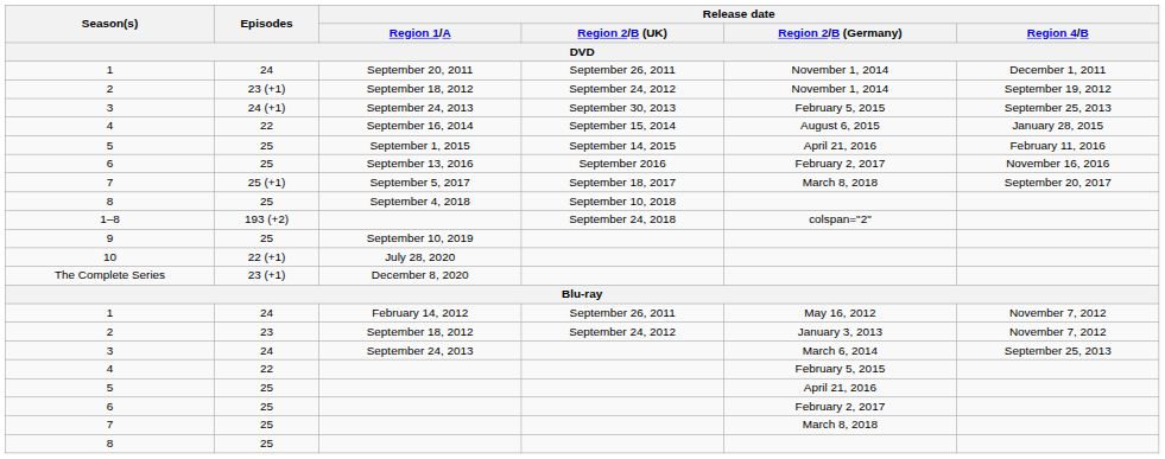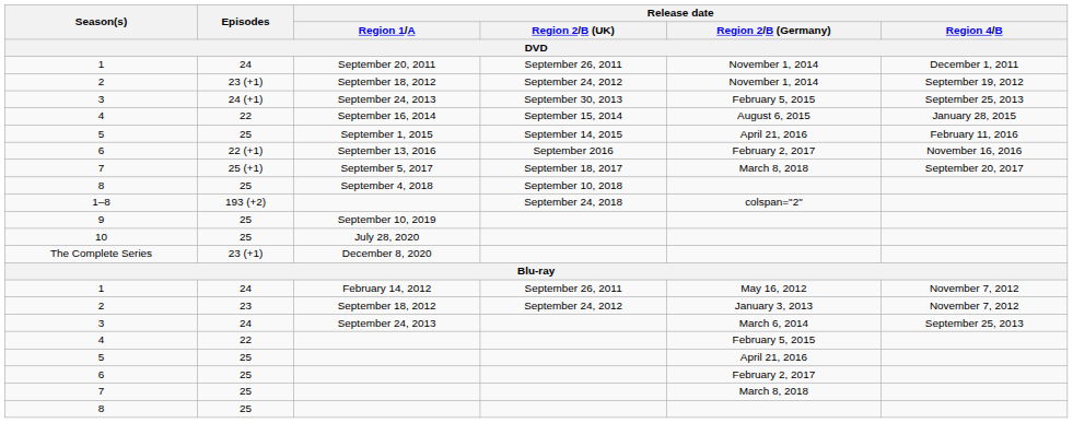 <table class="wikitable"  style="width:99%; text-align:center;">
 <tr>
 <th rowspan="2">Season(s)</th>
 <th rowspan="2">Episodes</th>
 <th colspan="4">Release date</th>
 </tr>
 <tr>
 <th><a href='#'>Region 1</a>/<a href='#'>A</a></th>
 <th><a href='#'>Region 2</a>/<a href='#'>B</a> (UK)</th>
 <th><a href='#'>Region 2</a>/<a href='#'>B</a> (Germany)</th>
 <th><a href='#'>Region 4</a>/<a href='#'>B</a></th>
 </tr>
 <tr>
 <th colspan="7">DVD</th>
 </tr>
 <tr>
 <td>1</td>
 <td>24</td>
 <td>September 20, 2011</td>
 <td>September 26, 2011</td>
 <td>November 1, 2014</td>
 <td>December 1, 2011</td>
 </tr>
 <tr>
 <td>2</td>
 <td>23 (+1)</td>
 <td>September 18, 2012</td>
 <td>September 24, 2012</td>
 <td>November 1, 2014</td>
 <td>September 19, 2012</td>
 </tr>
 <tr>
 <td>3</td>
 <td>24 (+1)</td>
 <td>September 24, 2013</td>
 <td>September 30, 2013</td>
 <td>February 5, 2015</td>
 <td>September 25, 2013</td>
 </tr>
 <tr>
 <td>4</td>
 <td>22</td>
 <td>September 16, 2014</td>
 <td>September 15, 2014</td>
 <td>August 6, 2015</td>
 <td>January 28, 2015</td>
 </tr>
 <tr>
 <td>5</td>
 <td>25</td>
 <td>September 1, 2015</td>
 <td>September 14, 2015</td>
 <td>April 21, 2016</td>
 <td>February 11, 2016</td>
 </tr>
 <tr>
 <td>6</td>
-<td>25</td>
+<td>22 (+1)</td>
 <td>September 13, 2016</td>
 <td>September 2016</td>
 <td>February 2, 2017</td>
 <td>November 16, 2016</td>
 </tr>
 <tr>
 <td>7</td>
 <td>25 (+1)</td>
 <td>September 5, 2017</td>
 <td>September 18, 2017</td>
 <td>March 8, 2018</td>
 <td>September 20, 2017</td>
 </tr>
 <tr>
 <td>8</td>
 <td>25</td>
 <td>September 4, 2018</td>
 <td>September 10, 2018</td>
 <td></td>
 <td></td>
 </tr>
 <tr>
 <td>1–8</td>
 <td>193 (+2)</td>
 <td></td>
 <td>September 24, 2018</td>
 <td>colspan="2" </td>
 </tr>
 <tr>
 <td>9</td>
 <td>25</td>
 <td>September 10, 2019</td>
 <td></td>
 <td></td>
 <td></td>
 </tr>
 <tr>
 <td>10</td>
-<td>22 (+1)</td>
+<td>25</td>
 <td>July 28, 2020</td>
 <td></td>
 <td></td>
 <td></td>
 </tr>
 <tr>
 <td>The Complete Series</td>
 <td>23 (+1)</td>
 <td>December 8, 2020</td>
 <td></td>
 <td></td>
 <td></td>
 </tr>
 <tr>
 <th colspan="7">Blu-ray</th>
 </tr>
 <tr>
 <td>1</td>
 <td>24</td>
 <td>February 14, 2012</td>
 <td>September 26, 2011</td>
 <td>May 16, 2012</td>
 <td>November 7, 2012</td>
 </tr>
 <tr>
 <td>2</td>
 <td>23</td>
 <td>September 18, 2012</td>
 <td>September 24, 2012</td>
 <td>January 3, 2013</td>
 <td>November 7, 2012</td>
 </tr>
 <tr>
 <td>3</td>
 <td>24</td>
 <td>September 24, 2013</td>
 <td></td>
 <td>March 6, 2014</td>
 <td>September 25, 2013</td>
 </tr>
 <tr>
 <td>4</td>
 <td>22</td>
 <td></td>
 <td></td>
 <td>February 5, 2015</td>
 <td></td>
 </tr>
 <tr>
 <td>5</td>
 <td>25</td>
 <td></td>
 <td></td>
 <td>April 21, 2016</td>
 <td></td>
 </tr>
 <tr>
 <td>6</td>
 <td>25</td>
 <td></td>
 <td></td>
 <td>February 2, 2017</td>
 <td></td>
 </tr>
 <tr>
 <td>7</td>
 <td>25</td>
 <td></td>
 <td></td>
 <td>March 8, 2018</td>
 <td></td>
 </tr>
 <tr>
 <td>8</td>
 <td>25</td>
 <td></td>
 <td></td>
 <td></td>
 <td></td>
 </tr>
 </table>
